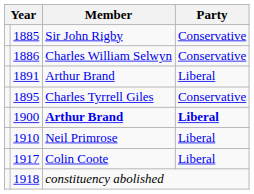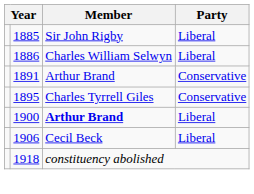 <table class="wikitable">
 <tr>
 <th colspan="2">Year</th>
 <th>Member</th>
 <th>Party</th>
 </tr>
 <tr>
 <td style="color:inherit;background-color: "></td>
 <td><a href='#'>1885</a></td>
 <td><a href='#'>Sir John Rigby</a></td>
-<td><a href='#'>Conservative</a></td>
+<td><a href='#'>Liberal</a></td>
 </tr>
 <tr>
 <td style="color:inherit;background-color: "></td>
 <td><a href='#'>1886</a></td>
 <td><a href='#'>Charles William Selwyn</a></td>
-<td><a href='#'>Conservative</a></td>
+<td><a href='#'>Liberal</a></td>
 </tr>
 <tr>
 <td style="color:inherit;background-color: "></td>
 <td><a href='#'>1891</a></td>
 <td><a href='#'>Arthur Brand</a></td>
-<td><a href='#'>Liberal</a></td>
+<td><a href='#'>Conservative</a></td>
 </tr>
 <tr>
 <td style="color:inherit;background-color: "></td>
 <td><a href='#'>1895</a></td>
 <td><a href='#'>Charles Tyrrell Giles</a></td>
 <td><a href='#'>Conservative</a></td>
 </tr>
 <tr>
 <td style="color:inherit;background-color: "></td>
 <td><a href='#'>1900</a></td>
 <td><strong><a href='#'>Arthur Brand</a></strong></td>
-<td><strong><a href='#'>Liberal</a></strong></td>
-</tr>
-<tr>
-<td style="color:inherit;background-color: "></td>
-<td><a href='#'>1910</a></td>
-<td><a href='#'>Neil Primrose</a></td>
 <td><a href='#'>Liberal</a></td>
 </tr>
 <tr>
 <td style="color:inherit;background-color: "></td>
-<td><a href='#'>1917</a></td>
-<td><a href='#'>Colin Coote</a></td>
+<td><a href='#'>1906</a></td>
+<td><a href='#'>Cecil Beck</a></td>
 <td><a href='#'>Liberal</a></td>
 </tr>
 <tr>
 <td></td>
 <td><a href='#'>1918</a></td>
 <td colspan="2"><em>constituency abolished</em></td>
 </tr>
 </table>
